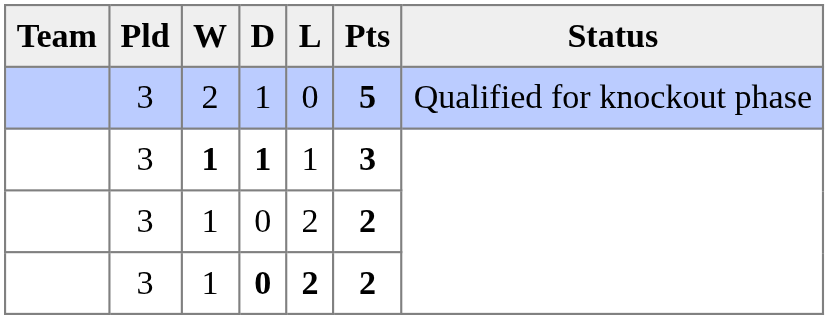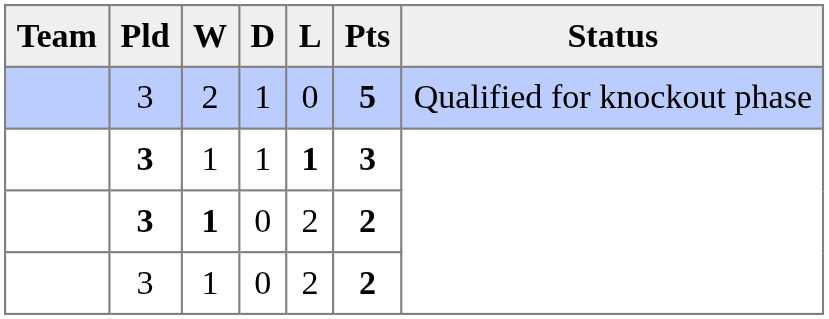 <table style=border-collapse:collapse border=1 cellspacing=0 cellpadding=5>
 <tr align=center bgcolor=#efefef>
 <th>Team</th>
 <th>Pld</th>
 <th>W</th>
 <th>D</th>
 <th>L</th>
 <th>Pts</th>
 <th>Status</th>
 </tr>
 <tr align=center style="background:#bbccff;">
 <td style="text-align:left;"> </td>
 <td>3</td>
 <td>2</td>
 <td>1</td>
 <td>0</td>
 <td><strong>5</strong></td>
 <td rowspan=1>Qualified for knockout phase</td>
 </tr>
 <tr align=center style="background:#FFFFFF;">
 <td style="text-align:left;"> </td>
-<td>3</td>
+<td><strong>3</strong></td>
+<td>1</td>
+<td>1</td>
 <td><strong>1</strong></td>
-<td><strong>1</strong></td>
-<td>1</td>
 <td><strong>3</strong></td>
 <td rowspan=3></td>
+</tr>
+<tr align=center style="background:#FFFFFF;">
+<td style="text-align:left;"> </td>
+<td><strong>3</strong></td>
+<td><strong>1</strong></td>
+<td>0</td>
+<td>2</td>
+<td><strong>2</strong></td>
 </tr>
 <tr align=center style="background:#FFFFFF;">
 <td style="text-align:left;"> </td>
 <td>3</td>
 <td>1</td>
 <td>0</td>
 <td>2</td>
 <td><strong>2</strong></td>
 </tr>
-<tr align=center style="background:#FFFFFF;">
-<td style="text-align:left;"> </td>
-<td>3</td>
-<td>1</td>
-<td><strong>0</strong></td>
-<td><strong>2</strong></td>
-<td><strong>2</strong></td>
-</tr>
 </table>
